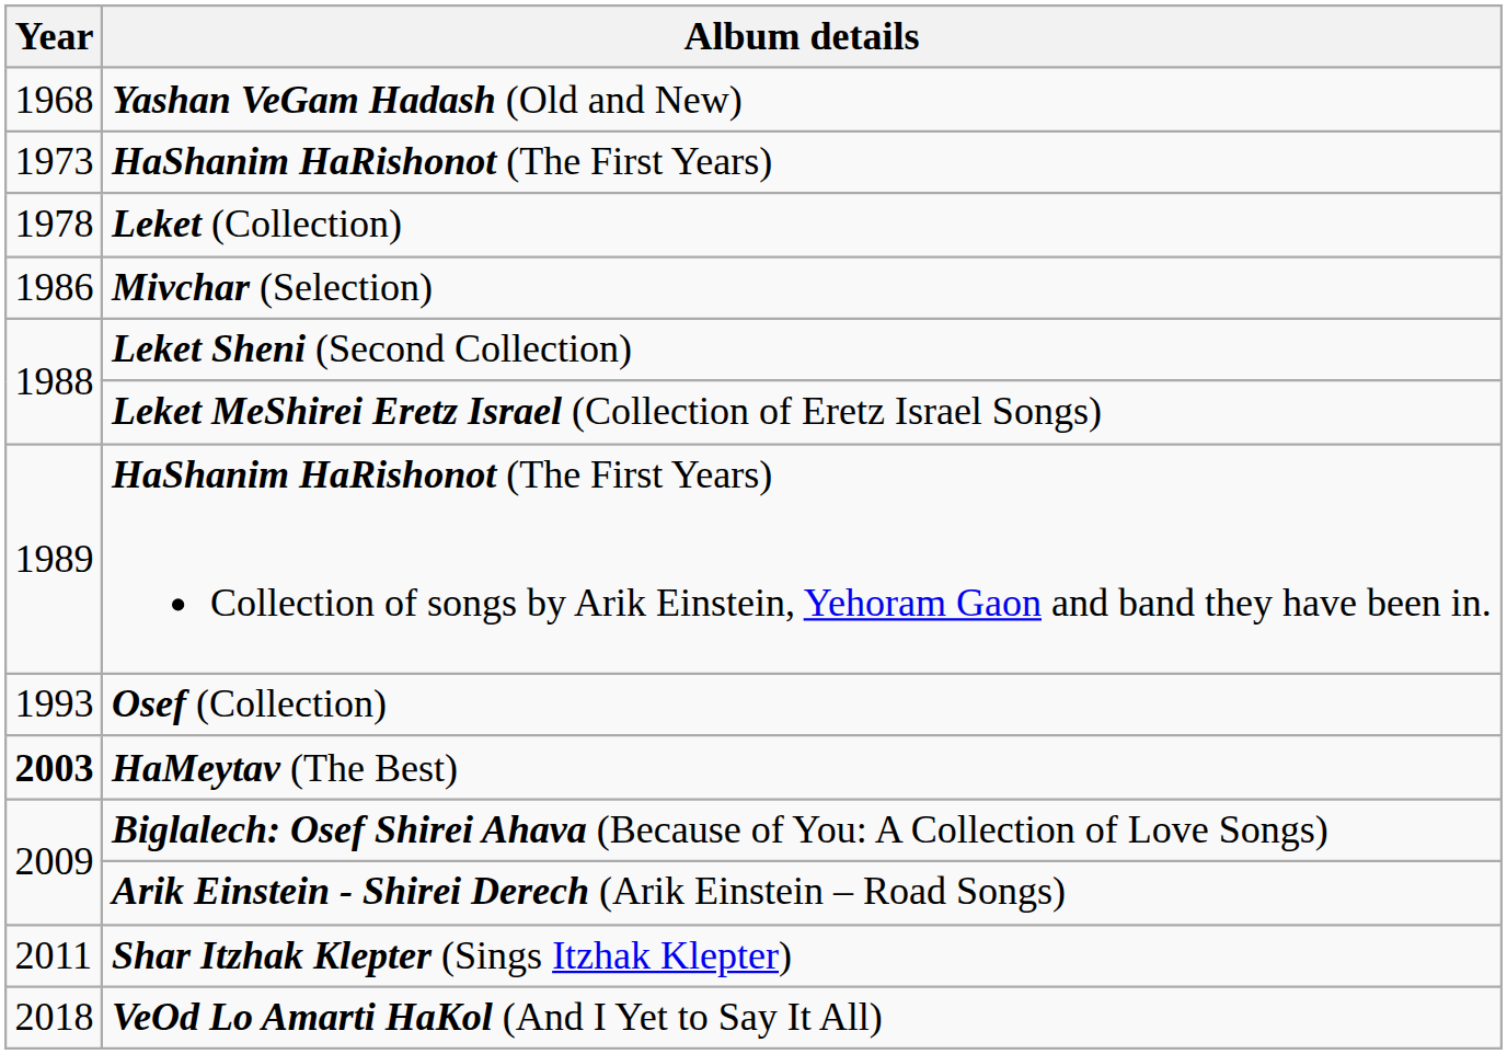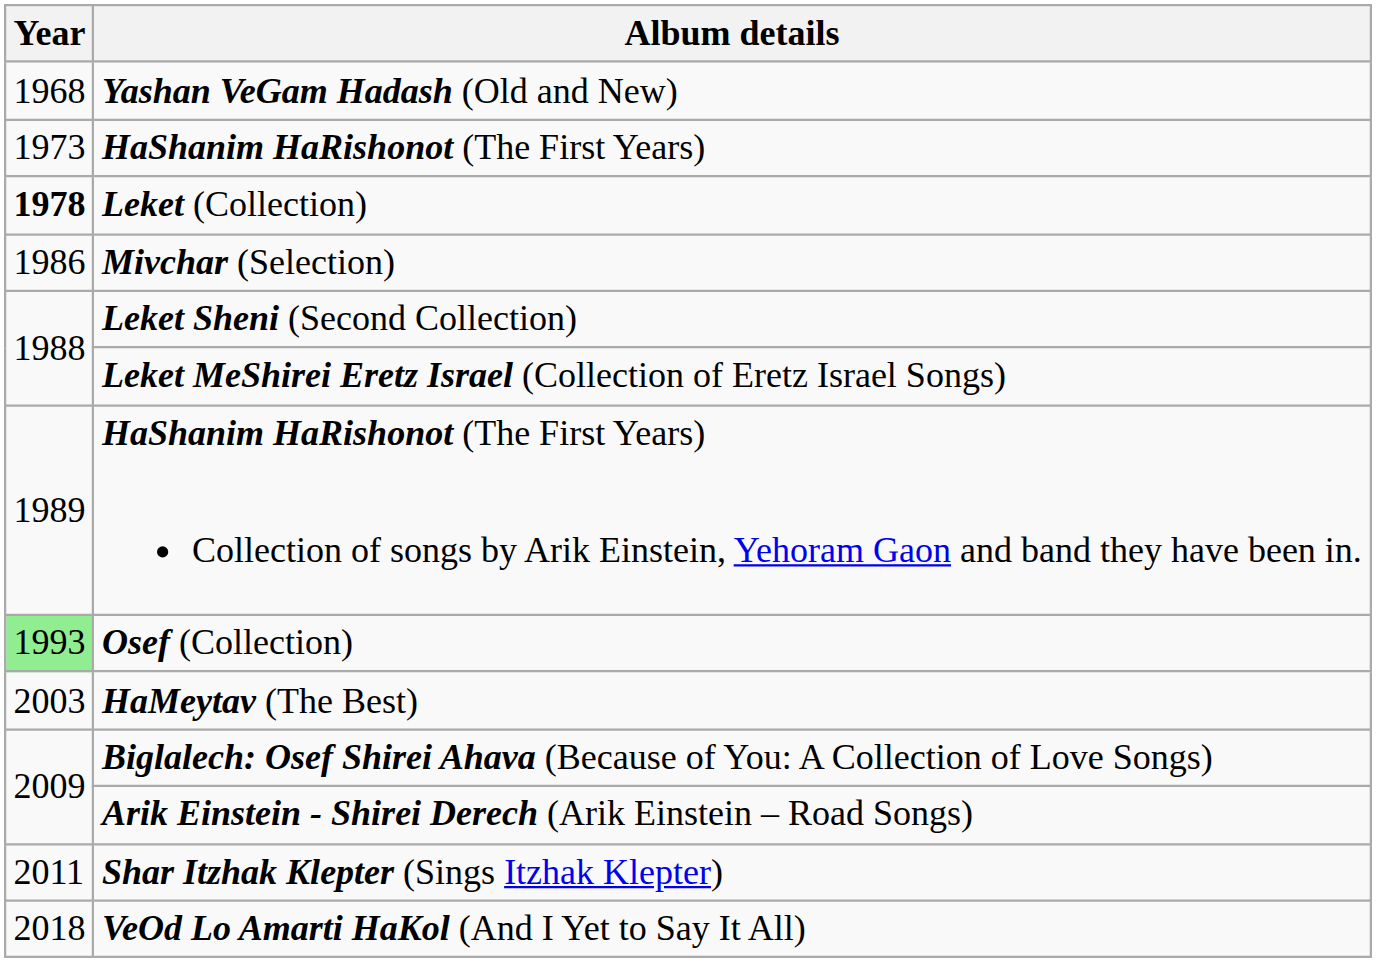 <table class="wikitable"|width=100%>
 <tr>
 <th>Year</th>
 <th>Album details</th>
 </tr>
 <tr>
 <td>1968</td>
 <td><strong><em>Yashan VeGam Hadash</em></strong> (Old and New)<br></td>
 </tr>
 <tr>
 <td>1973</td>
 <td><strong><em>HaShanim HaRishonot</em></strong> (The First Years)<br></td>
 </tr>
 <tr>
-<td>1978</td>
+<td><strong>1978</strong></td>
 <td><strong><em>Leket</em></strong> (Collection)<br> </td>
 </tr>
 <tr>
 <td>1986</td>
 <td><strong><em>Mivchar</em></strong> (Selection)<br> </td>
 </tr>
 <tr>
 <td rowspan=2>1988</td>
 <td><strong><em>Leket Sheni</em></strong> (Second Collection)<br> </td>
 </tr>
 <tr>
 <td><strong><em>Leket MeShirei Eretz Israel</em></strong> (Collection of Eretz Israel Songs)<br> </td>
 </tr>
 <tr>
 <td>1989</td>
 <td><strong><em>HaShanim HaRishonot</em></strong> (The First Years)<br> <br><ul><li>Collection of songs by Arik Einstein, <a href='#'>Yehoram Gaon</a> and band they have been in.</li></ul></td>
 </tr>
 <tr>
-<td>1993</td>
+<td style="background: lightgreen;">1993</td>
 <td><strong><em>Osef</em></strong> (Collection)<br> </td>
 </tr>
 <tr>
-<td><strong>2003</strong></td>
+<td>2003</td>
 <td><strong><em>HaMeytav</em></strong> (The Best)<br> </td>
 </tr>
 <tr>
 <td rowspan=2>2009</td>
 <td><strong><em>Biglalech: Osef Shirei Ahava</em></strong> (Because of You: A Collection of Love Songs)<br></td>
 </tr>
 <tr>
 <td><strong><em>Arik Einstein - Shirei Derech</em></strong> (Arik Einstein – Road Songs)<br> </td>
 </tr>
 <tr>
 <td>2011</td>
 <td><strong><em>Shar Itzhak Klepter</em></strong> (Sings <a href='#'>Itzhak Klepter</a>)<br> </td>
 </tr>
 <tr>
 <td>2018</td>
 <td><strong><em>VeOd Lo Amarti HaKol</em></strong> (And I Yet to Say It All)<br> </td>
 </tr>
 </table>
